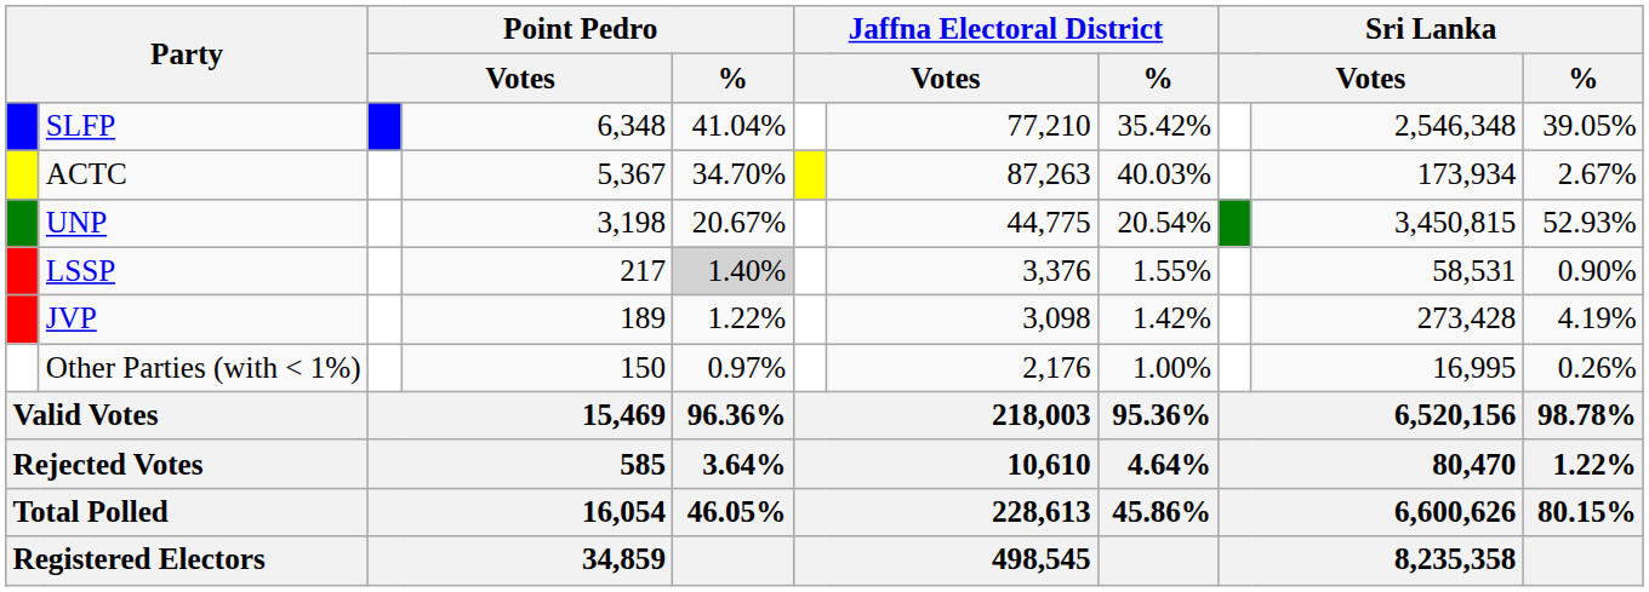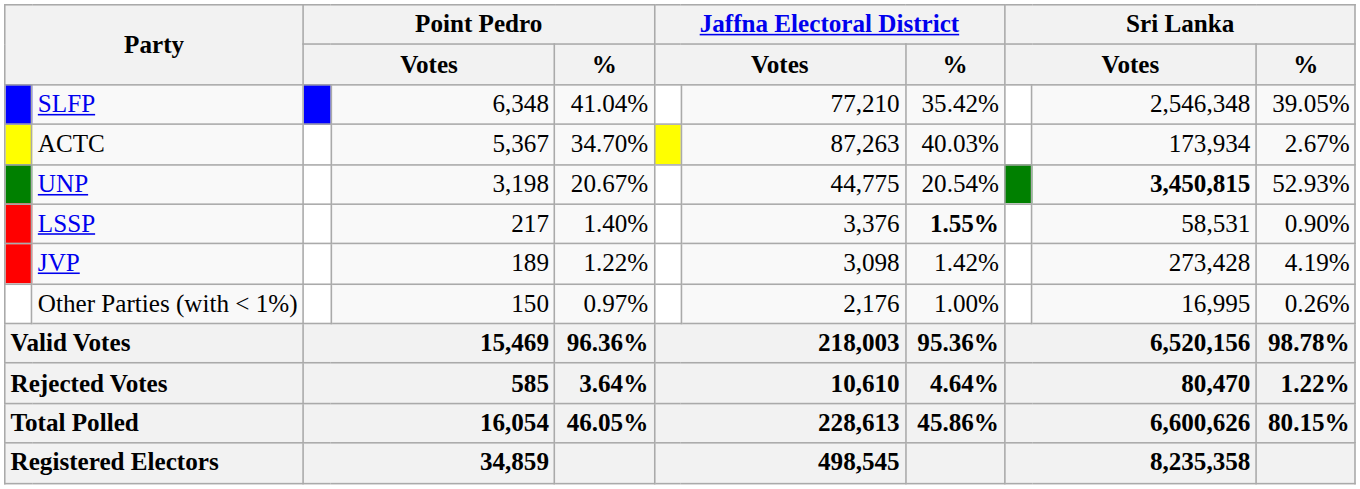 <table class="wikitable">
 <tr>
 <th colspan="2" width="144px"rowspan="2">Party</th>
 <th colspan="3" width="216px">Point Pedro</th>
 <th colspan="3" width="216px"><a href='#'>Jaffna Electoral District</a></th>
 <th colspan="3" width="216px">Sri Lanka</th>
 </tr>
 <tr>
 <th colspan="2" width="144px">Votes</th>
 <th>%</th>
 <th colspan="2" width="144px">Votes</th>
 <th>%</th>
 <th colspan="2" width="144px">Votes</th>
 <th>%</th>
 </tr>
 <tr>
 <td style="background-color:blue;" width="10px"></td>
 <td style="text-align:left;"><a href='#'>SLFP</a></td>
 <td style="background-color:blue;" width="10px"></td>
 <td style="text-align:right;">6,348</td>
 <td style="text-align:right;">41.04%</td>
 <td style="background-color:white;" width="10px"></td>
 <td style="text-align:right;">77,210</td>
 <td style="text-align:right;">35.42%</td>
 <td style="background-color:white;" width="10px"></td>
 <td style="text-align:right;">2,546,348</td>
 <td style="text-align:right;">39.05%</td>
 </tr>
 <tr>
 <td style="background-color:yellow;" width="10px"></td>
 <td style="text-align:left;">ACTC</td>
 <td style="background-color:white;" width="10px"></td>
 <td style="text-align:right;">5,367</td>
 <td style="text-align:right;">34.70%</td>
 <td style="background-color:yellow;" width="10px"></td>
 <td style="text-align:right;">87,263</td>
 <td style="text-align:right;">40.03%</td>
 <td style="background-color:white;" width="10px"></td>
 <td style="text-align:right;">173,934</td>
 <td style="text-align:right;">2.67%</td>
 </tr>
 <tr>
 <td style="background-color:green;" width="10px"></td>
 <td style="text-align:left;"><a href='#'>UNP</a></td>
 <td style="background-color:white;" width="10px"></td>
 <td style="text-align:right;">3,198</td>
 <td style="text-align:right;">20.67%</td>
 <td style="background-color:white;" width="10px"></td>
 <td style="text-align:right;">44,775</td>
 <td style="text-align:right;">20.54%</td>
 <td style="background-color:green;" width="10px"></td>
-<td style="text-align:right;">3,450,815</td>
+<td style="text-align:right;"><strong>3,450,815</strong></td>
 <td style="text-align:right;">52.93%</td>
 </tr>
 <tr>
 <td style="background-color:red;" width="10px"></td>
 <td style="text-align:left;"><a href='#'>LSSP</a></td>
 <td style="background-color:white;" width="10px"></td>
 <td style="text-align:right;">217</td>
-<td style="background: lightgrey; text-align:right;">1.40%</td>
+<td style="text-align:right;">1.40%</td>
 <td style="background-color:white;" width="10px"></td>
 <td style="text-align:right;">3,376</td>
-<td style="text-align:right;">1.55%</td>
+<td style="text-align:right;"><strong>1.55%</strong></td>
 <td style="background-color:white;" width="10px"></td>
 <td style="text-align:right;">58,531</td>
 <td style="text-align:right;">0.90%</td>
 </tr>
 <tr>
 <td style="background-color:red;" width="10px"></td>
 <td style="text-align:left;"><a href='#'>JVP</a></td>
 <td style="background-color:white;" width="10px"></td>
 <td style="text-align:right;">189</td>
 <td style="text-align:right;">1.22%</td>
 <td style="background-color:white;" width="10px"></td>
 <td style="text-align:right;">3,098</td>
 <td style="text-align:right;">1.42%</td>
 <td style="background-color:white;" width="10px"></td>
 <td style="text-align:right;">273,428</td>
 <td style="text-align:right;">4.19%</td>
 </tr>
 <tr>
 <td style="background-color:white;" width="10px"></td>
 <td style="text-align:left;">Other Parties (with < 1%)</td>
 <td style="background-color:white;" width="10px"></td>
 <td style="text-align:right;">150</td>
 <td style="text-align:right;">0.97%</td>
 <td style="background-color:white;" width="10px"></td>
 <td style="text-align:right;">2,176</td>
 <td style="text-align:right;">1.00%</td>
 <td style="background-color:white;" width="10px"></td>
 <td style="text-align:right;">16,995</td>
 <td style="text-align:right;">0.26%</td>
 </tr>
 <tr>
 <th colspan="2" width="144px"style="text-align:left;">Valid Votes</th>
 <th style="text-align:right;"colspan="2" width="144px">15,469</th>
 <th style="text-align:right;">96.36%</th>
 <th style="text-align:right;"colspan="2" width="144px">218,003</th>
 <th style="text-align:right;">95.36%</th>
 <th style="text-align:right;"colspan="2" width="144px">6,520,156</th>
 <th style="text-align:right;">98.78%</th>
 </tr>
 <tr>
 <th colspan="2" width="144px"style="text-align:left;">Rejected Votes</th>
 <th style="text-align:right;"colspan="2" width="144px">585</th>
 <th style="text-align:right;">3.64%</th>
 <th style="text-align:right;"colspan="2" width="144px">10,610</th>
 <th style="text-align:right;">4.64%</th>
 <th style="text-align:right;"colspan="2" width="144px">80,470</th>
 <th style="text-align:right;">1.22%</th>
 </tr>
 <tr>
 <th colspan="2" width="144px"style="text-align:left;">Total Polled</th>
 <th style="text-align:right;"colspan="2" width="144px">16,054</th>
 <th style="text-align:right;">46.05%</th>
 <th style="text-align:right;"colspan="2" width="144px">228,613</th>
 <th style="text-align:right;">45.86%</th>
 <th style="text-align:right;"colspan="2" width="144px">6,600,626</th>
 <th style="text-align:right;">80.15%</th>
 </tr>
 <tr>
 <th colspan="2" width="144px"style="text-align:left;">Registered Electors</th>
 <th style="text-align:right;"colspan="2" width="144px">34,859</th>
 <th></th>
 <th style="text-align:right;"colspan="2" width="144px">498,545</th>
 <th></th>
 <th style="text-align:right;"colspan="2" width="144px">8,235,358</th>
 <th></th>
 </tr>
 </table>
